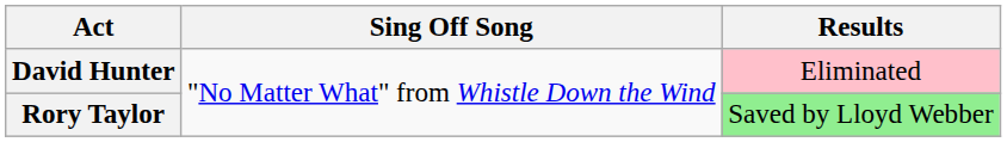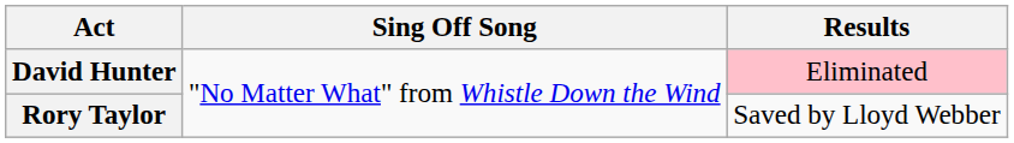 <table class="wikitable plainrowheaders" style="text-align:center;">
 <tr>
 <th scope="col">Act</th>
 <th scope="col">Sing Off Song</th>
 <th scope="col">Results</th>
 </tr>
 <tr>
 <th scope="row">David Hunter</th>
 <td rowspan="2">"<a href='#'>No Matter What</a>" from <em><a href='#'>Whistle Down the Wind</a></em></td>
 <td style="background:pink;">Eliminated</td>
 </tr>
 <tr>
 <th scope="row">Rory Taylor</th>
-<td style="background: lightgreen;">Saved by Lloyd Webber</td>
+<td>Saved by Lloyd Webber</td>
 </tr>
 </table>
